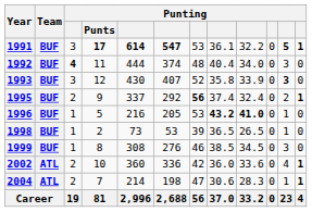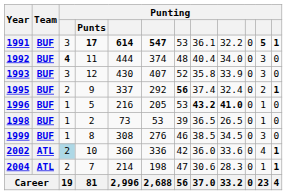 <table class=wikitable style="text-align:center;">
 <tr>
 <th rowspan="2">Year</th>
 <th rowspan="2">Team</th>
 <th colspan="10">Punting</th>
 </tr>
 <tr>
 <th></th>
 <th>Punts</th>
 <th></th>
 <th></th>
 <th></th>
 <th></th>
 <th></th>
 <th></th>
 <th></th>
 <th></th>
 </tr>
 <tr>
 <th><a href='#'>1991</a></th>
 <th><a href='#'>BUF</a></th>
 <td>3</td>
 <td><strong>17</strong></td>
 <td><strong>614</strong></td>
 <td><strong>547</strong></td>
 <td>53</td>
 <td>36.1</td>
 <td>32.2</td>
 <td>0</td>
 <td><strong>5</strong></td>
 <td><strong>1</strong></td>
 </tr>
 <tr>
 <th><a href='#'>1992</a></th>
 <th><a href='#'>BUF</a></th>
 <td><strong>4</strong></td>
 <td>11</td>
 <td>444</td>
 <td>374</td>
 <td>48</td>
 <td>40.4</td>
 <td>34.0</td>
 <td>0</td>
 <td>3</td>
 <td>0</td>
 </tr>
 <tr>
 <th><a href='#'>1993</a></th>
 <th><a href='#'>BUF</a></th>
 <td>3</td>
 <td>12</td>
 <td>430</td>
 <td>407</td>
 <td>52</td>
 <td>35.8</td>
 <td>33.9</td>
 <td>0</td>
-<td><strong>3</strong></td>
+<td>3</td>
 <td>0</td>
 </tr>
 <tr>
 <th><a href='#'>1995</a></th>
 <th><a href='#'>BUF</a></th>
 <td>2</td>
 <td>9</td>
 <td>337</td>
 <td>292</td>
 <td><strong>56</strong></td>
 <td>37.4</td>
 <td>32.4</td>
 <td>0</td>
 <td>2</td>
 <td><strong>1</strong></td>
 </tr>
 <tr>
 <th><a href='#'>1996</a></th>
 <th><a href='#'>BUF</a></th>
 <td>1</td>
 <td>5</td>
 <td>216</td>
 <td>205</td>
 <td>53</td>
 <td><strong>43.2</strong></td>
 <td><strong>41.0</strong></td>
 <td>0</td>
 <td>1</td>
 <td>0</td>
 </tr>
 <tr>
 <th><a href='#'>1998</a></th>
 <th><a href='#'>BUF</a></th>
 <td>1</td>
 <td>2</td>
 <td>73</td>
 <td>53</td>
 <td>39</td>
 <td>36.5</td>
 <td>26.5</td>
 <td>0</td>
 <td>1</td>
 <td>0</td>
 </tr>
 <tr>
 <th><a href='#'>1999</a></th>
 <th><a href='#'>BUF</a></th>
 <td>1</td>
 <td>8</td>
 <td>308</td>
 <td>276</td>
 <td>46</td>
 <td>38.5</td>
 <td>34.5</td>
 <td>0</td>
 <td>3</td>
 <td>0</td>
 </tr>
 <tr>
 <th><a href='#'>2002</a></th>
 <th><a href='#'>ATL</a></th>
-<td>2</td>
+<td style="background: lightblue;">2</td>
 <td>10</td>
 <td>360</td>
 <td>336</td>
 <td>42</td>
 <td>36.0</td>
 <td>33.6</td>
 <td>0</td>
 <td>4</td>
 <td><strong>1</strong></td>
 </tr>
 <tr>
 <th><a href='#'>2004</a></th>
 <th><a href='#'>ATL</a></th>
 <td>2</td>
 <td>7</td>
 <td>214</td>
 <td>198</td>
 <td>47</td>
 <td>30.6</td>
 <td>28.3</td>
 <td>0</td>
 <td>1</td>
 <td><strong>1</strong></td>
 </tr>
 <tr>
 <th colspan="2">Career</th>
 <th>19</th>
 <th>81</th>
 <th>2,996</th>
 <th>2,688</th>
 <th>56</th>
 <th>37.0</th>
 <th>33.2</th>
 <th>0</th>
 <th>23</th>
 <th>4</th>
 </tr>
 </table>
